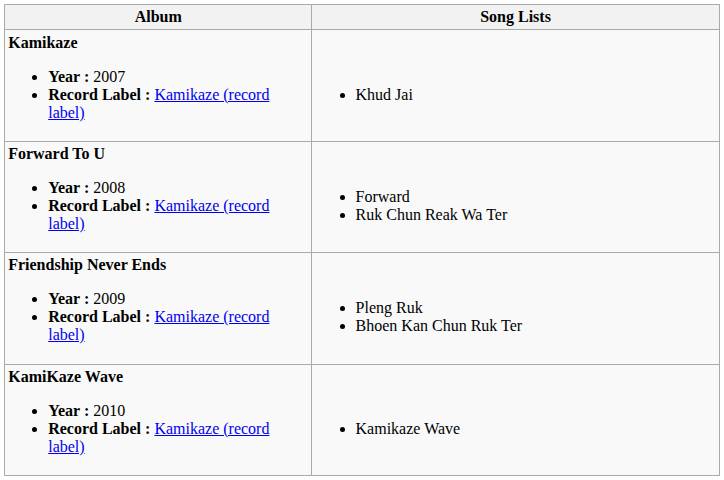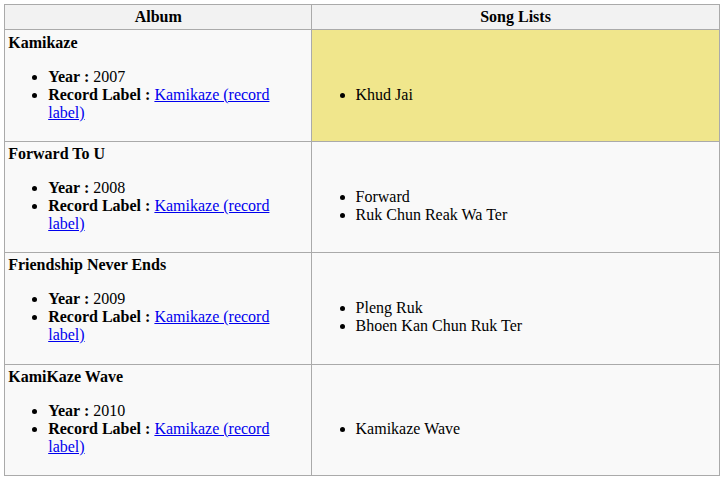 <table class="wikitable">
 <tr>
 <th align="left" width="300px">Album</th>
 <th align="left" width="400px">Song Lists</th>
 </tr>
 <tr>
 <td align = "left"><strong>Kamikaze</strong><br><ul><li><strong>Year :</strong> 2007</li><li><strong>Record Label :</strong> <a href='#'>Kamikaze (record label)</a></li></ul></td>
-<td><br><ul><li>Khud Jai</li></ul></td>
+<td style="background: khaki;"><br><ul><li>Khud Jai</li></ul></td>
 </tr>
 <tr>
 <td align = "left"><strong>Forward To U</strong><br><ul><li><strong>Year :</strong> 2008</li><li><strong>Record Label :</strong> <a href='#'>Kamikaze (record label)</a></li></ul></td>
 <td><br><ul><li>Forward</li><li>Ruk Chun Reak Wa Ter</li></ul></td>
 </tr>
 <tr>
 <td align = "left"><strong>Friendship Never Ends</strong><br><ul><li><strong>Year :</strong> 2009</li><li><strong>Record Label :</strong> <a href='#'>Kamikaze (record label)</a></li></ul></td>
 <td><br><ul><li>Pleng Ruk</li><li>Bhoen Kan Chun Ruk Ter</li></ul></td>
 </tr>
 <tr>
 <td align = "left"><strong>KamiKaze Wave</strong><br><ul><li><strong>Year :</strong> 2010</li><li><strong>Record Label :</strong> <a href='#'>Kamikaze (record label)</a></li></ul></td>
 <td><br><ul><li>Kamikaze Wave</li></ul></td>
 </tr>
 </table>
